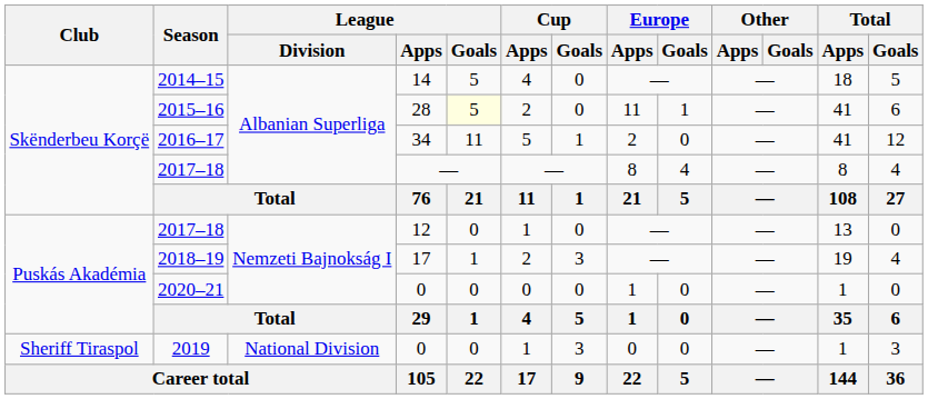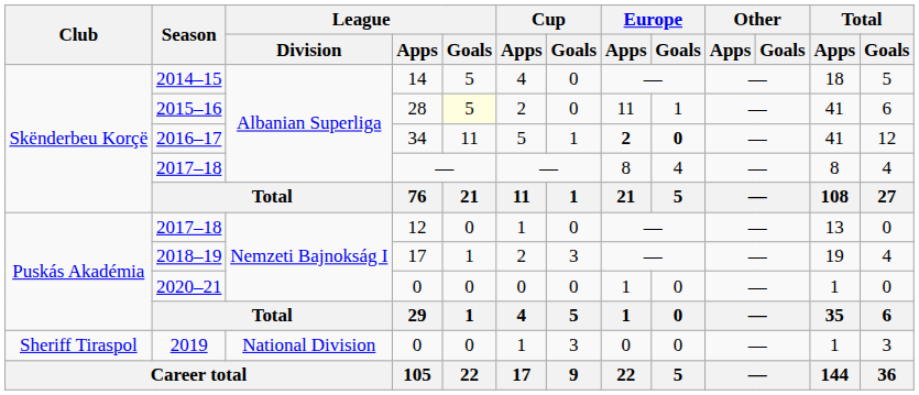 <table class="wikitable" style="text-align:center">
 <tr>
 <th rowspan="2">Club</th>
 <th rowspan="2">Season</th>
 <th colspan="3">League</th>
 <th colspan="2">Cup</th>
 <th colspan="2"><a href='#'>Europe</a></th>
 <th colspan="2">Other</th>
 <th colspan="2">Total</th>
 </tr>
 <tr>
 <th>Division</th>
 <th>Apps</th>
 <th>Goals</th>
 <th>Apps</th>
 <th>Goals</th>
 <th>Apps</th>
 <th>Goals</th>
 <th>Apps</th>
 <th>Goals</th>
 <th>Apps</th>
 <th>Goals</th>
 </tr>
 <tr>
 <td rowspan="5"><a href='#'>Skënderbeu Korçë</a></td>
 <td><a href='#'>2014–15</a></td>
 <td rowspan="4"><a href='#'>Albanian Superliga</a></td>
 <td>14</td>
 <td>5</td>
 <td>4</td>
 <td>0</td>
 <td colspan="2">—</td>
 <td colspan="2">—</td>
 <td>18</td>
 <td>5</td>
 </tr>
 <tr>
 <td><a href='#'>2015–16</a></td>
 <td>28</td>
 <td style="background: lightyellow;">5</td>
 <td>2</td>
 <td>0</td>
 <td>11</td>
 <td>1</td>
 <td colspan="2">—</td>
 <td>41</td>
 <td>6</td>
 </tr>
 <tr>
 <td><a href='#'>2016–17</a></td>
 <td>34</td>
 <td>11</td>
 <td>5</td>
 <td>1</td>
-<td>2</td>
-<td>0</td>
+<td><strong>2</strong></td>
+<td><strong>0</strong></td>
 <td colspan="2">—</td>
 <td>41</td>
 <td>12</td>
 </tr>
 <tr>
 <td><a href='#'>2017–18</a></td>
 <td colspan="2">—</td>
 <td colspan="2">—</td>
 <td>8</td>
 <td>4</td>
 <td colspan="2">—</td>
 <td>8</td>
 <td>4</td>
 </tr>
 <tr>
 <th colspan="2">Total</th>
 <th>76</th>
 <th>21</th>
 <th>11</th>
 <th>1</th>
 <th>21</th>
 <th>5</th>
 <th colspan="2">—</th>
 <th>108</th>
 <th>27</th>
 </tr>
 <tr>
 <td rowspan="4"><a href='#'>Puskás Akadémia</a></td>
 <td><a href='#'>2017–18</a></td>
 <td rowspan="3"><a href='#'>Nemzeti Bajnokság I</a></td>
 <td>12</td>
 <td>0</td>
 <td>1</td>
 <td>0</td>
 <td colspan="2">—</td>
 <td colspan="2">—</td>
 <td>13</td>
 <td>0</td>
 </tr>
 <tr>
 <td><a href='#'>2018–19</a></td>
 <td>17</td>
 <td>1</td>
 <td>2</td>
 <td>3</td>
 <td colspan="2">—</td>
 <td colspan="2">—</td>
 <td>19</td>
 <td>4</td>
 </tr>
 <tr>
 <td><a href='#'>2020–21</a></td>
 <td>0</td>
 <td>0</td>
 <td>0</td>
 <td>0</td>
 <td>1</td>
 <td>0</td>
 <td colspan="2">—</td>
 <td>1</td>
 <td>0</td>
 </tr>
 <tr>
 <th colspan="2">Total</th>
 <th>29</th>
 <th>1</th>
 <th>4</th>
 <th>5</th>
 <th>1</th>
 <th>0</th>
 <th colspan="2">—</th>
 <th>35</th>
 <th>6</th>
 </tr>
 <tr>
 <td rowspan="1"><a href='#'>Sheriff Tiraspol</a></td>
 <td><a href='#'>2019</a></td>
 <td rowspan="1"><a href='#'>National Division</a></td>
 <td>0</td>
 <td>0</td>
 <td>1</td>
 <td>3</td>
 <td>0</td>
 <td>0</td>
 <td colspan="2">—</td>
 <td>1</td>
 <td>3</td>
 </tr>
 <tr>
 <th colspan="3">Career total</th>
 <th>105</th>
 <th>22</th>
 <th>17</th>
 <th>9</th>
 <th>22</th>
 <th>5</th>
 <th colspan="2">—</th>
 <th>144</th>
 <th>36</th>
 </tr>
 </table>
